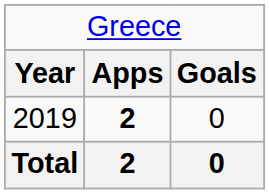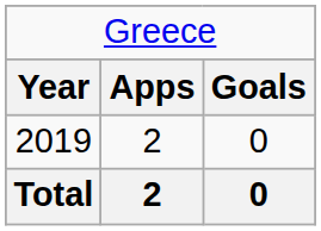 <table class="wikitable" style="text-align:center">
 <tr>
 <td colspan=3><a href='#'>Greece</a></td>
 </tr>
 <tr>
 <th>Year</th>
 <th>Apps</th>
 <th>Goals</th>
 </tr>
 <tr>
 <td>2019</td>
-<td><strong>2</strong></td>
+<td>2</td>
 <td>0</td>
 </tr>
 <tr>
 <th>Total</th>
 <th>2</th>
 <th>0</th>
 </tr>
 </table>
